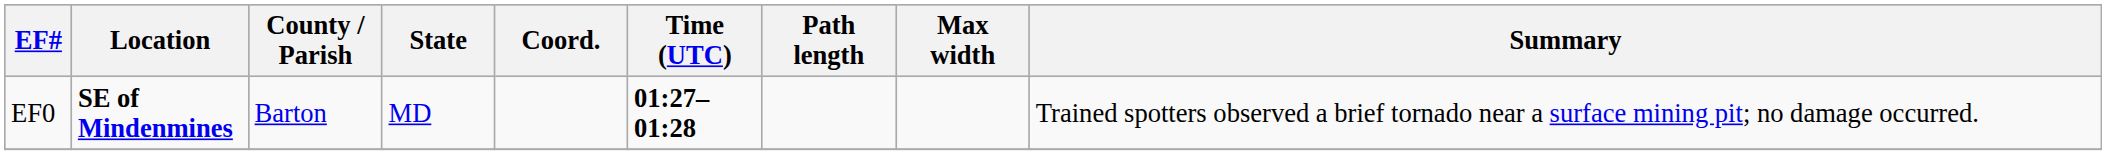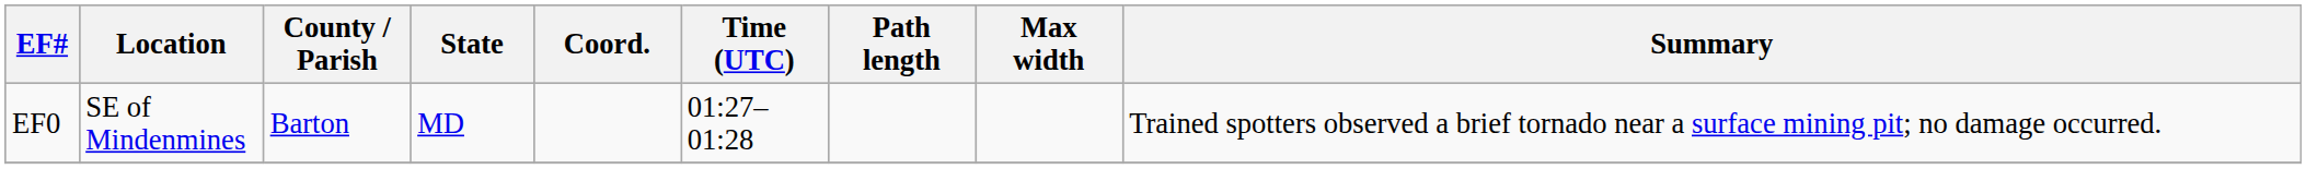 <table class="wikitable sortable" style="width:100%;">
 <tr>
 <th scope="col" width="3%" align="center"><a href='#'>EF#</a></th>
 <th scope="col" width="7%" align="center" class="unsortable">Location</th>
 <th scope="col" width="6%" align="center" class="unsortable">County / Parish</th>
 <th scope="col" width="5%" align="center">State</th>
 <th scope="col" width="6%" align="center">Coord.</th>
 <th scope="col" width="6%" align="center">Time (<a href='#'>UTC</a>)</th>
 <th scope="col" width="6%" align="center">Path length</th>
 <th scope="col" width="6%" align="center">Max width</th>
 <th scope="col" width="48%" class="unsortable" align="center">Summary</th>
 </tr>
 <tr>
 <td>EF0</td>
-<td><strong>SE of <a href='#'>Mindenmines</a></strong></td>
+<td>SE of <a href='#'>Mindenmines</a></td>
 <td><a href='#'>Barton</a></td>
 <td><a href='#'>MD</a></td>
 <td></td>
-<td><strong>01:27–01:28</strong></td>
+<td>01:27–01:28</td>
 <td></td>
 <td></td>
 <td>Trained spotters observed a brief tornado near a <a href='#'>surface mining pit</a>; no damage occurred.</td>
 </tr>
 <tr>
 </tr>
 </table>
